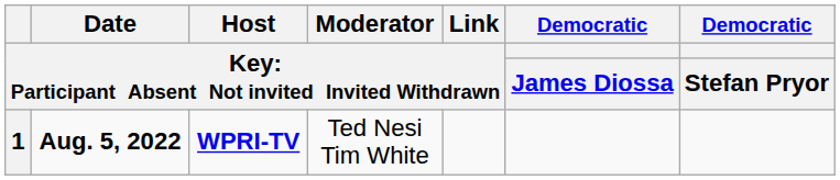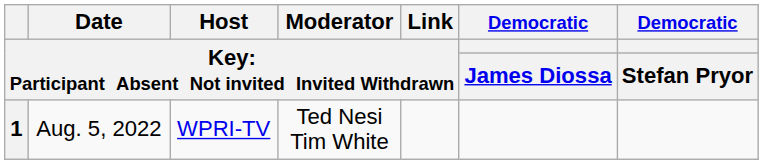 <table class="wikitable" style="text-align:center;">
 <tr>
 <th scope="col"></th>
 <th scope="col">Date</th>
 <th scope="col">Host</th>
 <th scope="col">Moderator</th>
 <th scope="col">Link</th>
 <th scope="col"><small><a href='#'>Democratic</a></small></th>
 <th scope="col"><small><a href='#'>Democratic</a></small></th>
 </tr>
 <tr>
 <th colspan="5" rowspan="2">Key:<br> <small>Participant </small>  <small>Absent </small>  <small>Not invited </small>  <small>Invited  Withdrawn</small></th>
 <th scope="col" style="background:"></th>
 <th scope="col" style="background:"></th>
 </tr>
 <tr>
 <th scope="col"><a href='#'>James Diossa</a></th>
 <th scope="col">Stefan Pryor</th>
 </tr>
 <tr>
 <th>1</th>
-<td style="white-space:nowrap;"><strong>Aug. 5, 2022</strong></td>
-<td style="white-space:nowrap;"><strong><a href='#'>WPRI-TV</a></strong></td>
+<td style="white-space:nowrap;">Aug. 5, 2022</td>
+<td style="white-space:nowrap;"><a href='#'>WPRI-TV</a></td>
 <td style="white-space:nowrap;">Ted Nesi<br>Tim White</td>
 <td style="white-space:nowrap;"></td>
 <td></td>
 <td></td>
 </tr>
 </table>
